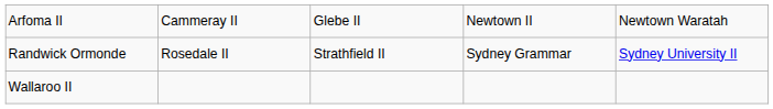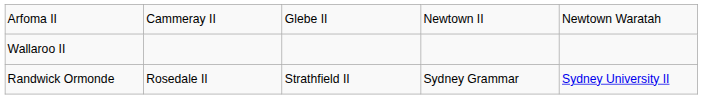 <table class="wikitable" style="margin:auto; text-valign:center; text-align:left;">
 <tr style="line-height:200%">
 <td width="175"> Arfoma II</td>
 <td width="175">Cammeray II</td>
 <td width="175">Glebe II</td>
 <td width="175"> Newtown II</td>
 <td width="175">Newtown Waratah</td>
 </tr>
 <tr style="line-height:200%">
+<td> Wallaroo II</td>
+<td></td>
+<td></td>
+<td></td>
+<td></td>
+</tr>
+<tr style="line-height:200%">
 <td>Randwick Ormonde</td>
 <td> Rosedale II</td>
 <td> Strathfield II</td>
 <td>Sydney Grammar</td>
 <td> <a href='#'>Sydney University II</a></td>
 </tr>
-<tr style="line-height:200%">
-<td> Wallaroo II</td>
-<td></td>
-<td></td>
-<td></td>
-<td></td>
-</tr>
 </table>
